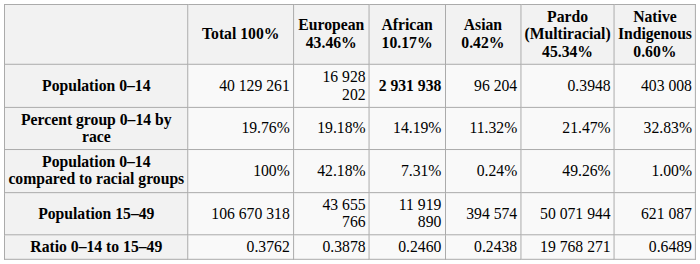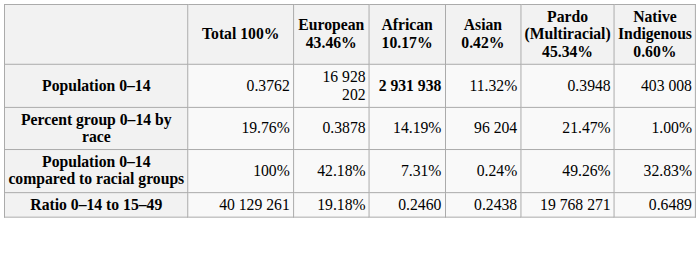 <table class="wikitable" style="text-align: right;">
 <tr>
 <th width=180></th>
 <th width="100">Total 100%</th>
 <th width="70pt">European 43.46%</th>
 <th width="70pt">African 10.17%</th>
 <th width="70pt">Asian 0.42%</th>
 <th width="70pt">Pardo (Multiracial) 45.34%</th>
 <th width="70pt">Native Indigenous 0.60%</th>
 </tr>
 <tr>
 <th>Population 0–14</th>
-<td>40 129 261</td>
+<td>0.3762</td>
 <td>16 928 202</td>
 <td><strong>2 931 938</strong></td>
-<td>96 204</td>
+<td>11.32%</td>
 <td>0.3948</td>
 <td>403 008</td>
 </tr>
 <tr>
 <th>Percent group 0–14 by race</th>
 <td>19.76%</td>
-<td>19.18%</td>
+<td>0.3878</td>
 <td>14.19%</td>
-<td>11.32%</td>
+<td>96 204</td>
 <td>21.47%</td>
-<td>32.83%</td>
+<td>1.00%</td>
 </tr>
 <tr>
 <th>Population 0–14 compared to racial groups<br></th>
 <td>100%</td>
 <td>42.18%</td>
 <td>7.31%</td>
 <td>0.24%</td>
 <td>49.26%</td>
-<td>1.00%</td>
-</tr>
-<tr>
-<th>Population 15–49</th>
-<td>106 670 318</td>
-<td>43 655 766</td>
-<td>11 919 890</td>
-<td>394 574</td>
-<td>50 071 944</td>
-<td>621 087</td>
+<td>32.83%</td>
 </tr>
 <tr>
 <th>Ratio 0–14 to 15–49</th>
-<td>0.3762</td>
-<td>0.3878</td>
+<td>40 129 261</td>
+<td>19.18%</td>
 <td>0.2460</td>
 <td>0.2438</td>
 <td>19 768 271</td>
 <td>0.6489</td>
 </tr>
 </table>
